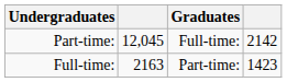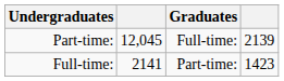 <table class="wikitable">
 <tr>
 <th>Undergraduates</th>
 <th></th>
 <th>Graduates</th>
 <th></th>
 </tr>
 <tr>
 <td align="right">Part-time:</td>
 <td align="right">12,045</td>
 <td align="right">Full-time:</td>
-<td align="right">2142</td>
+<td align="right">2139</td>
 </tr>
 <tr>
 <td align="right">Full-time:</td>
-<td align="right">2163</td>
+<td align="right">2141</td>
 <td align="right">Part-time:</td>
 <td align="right">1423</td>
 </tr>
 </table>
